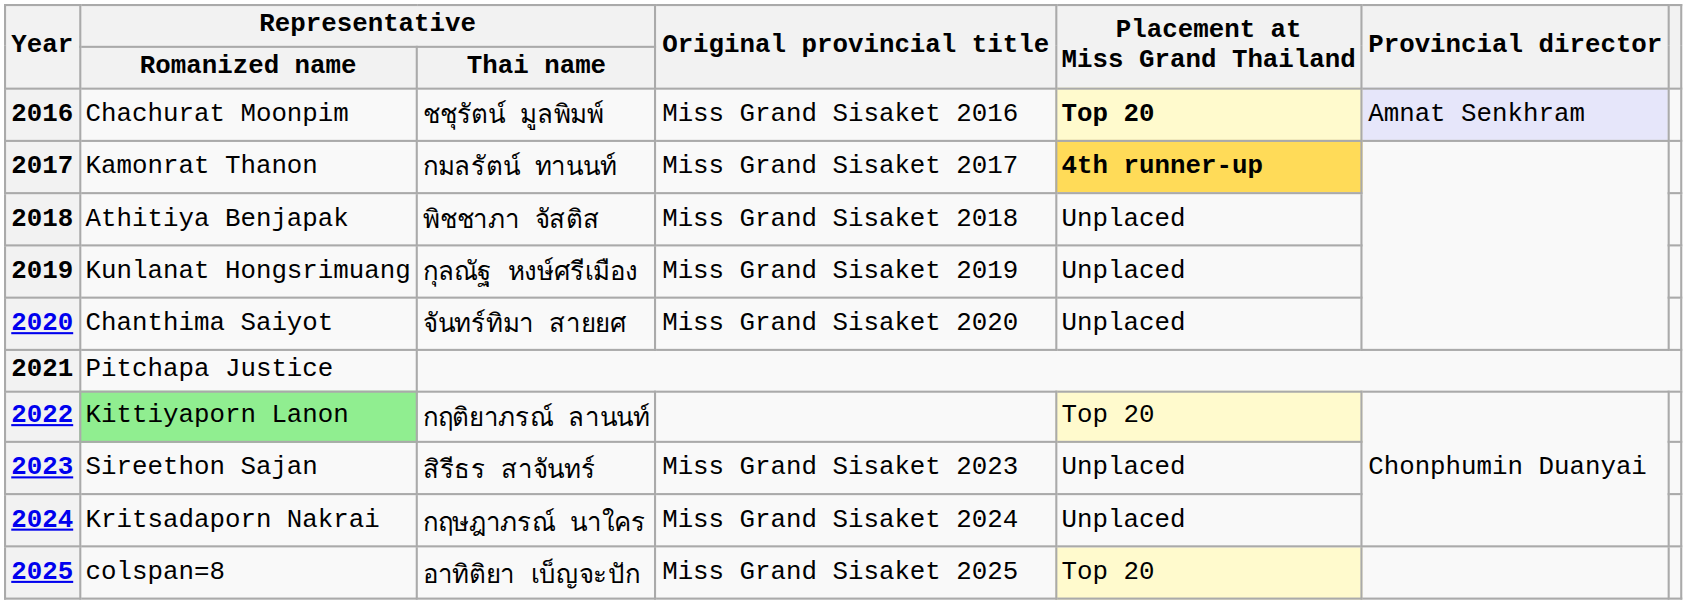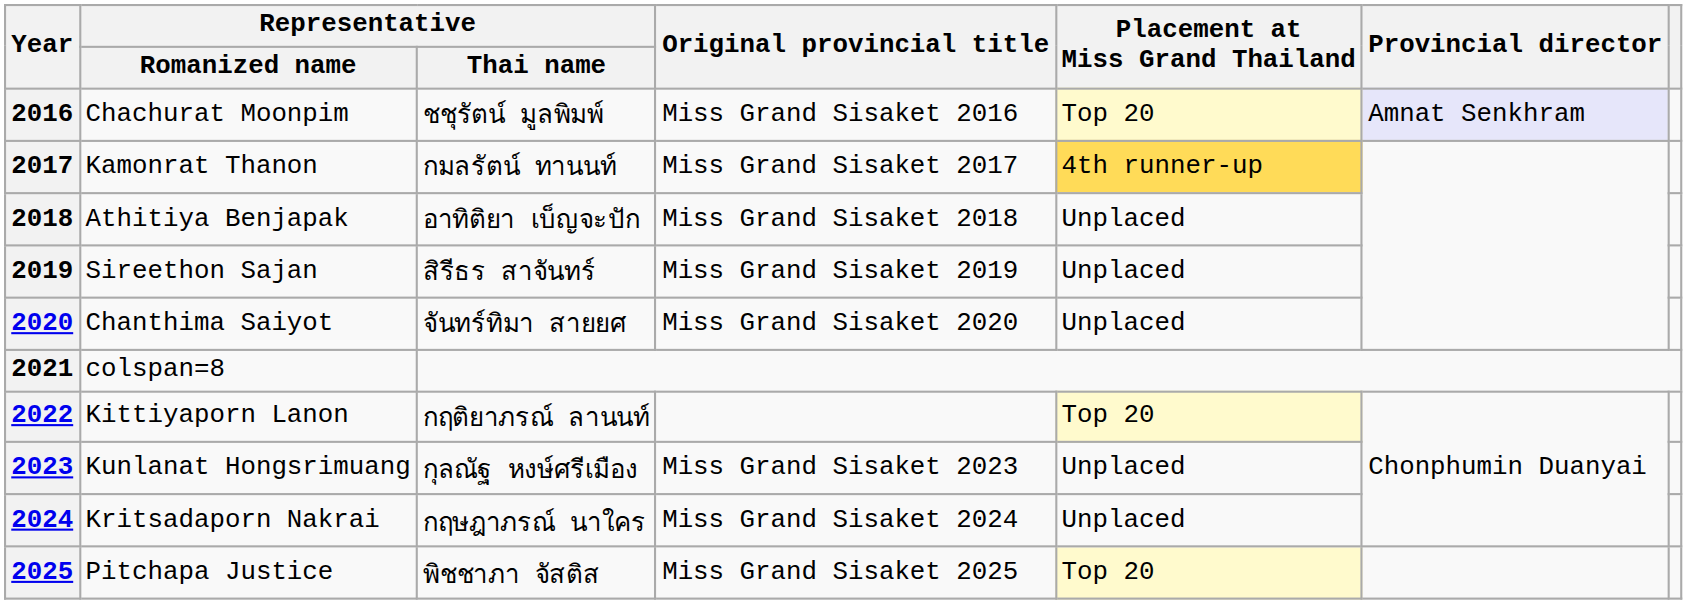 <table class="wikitable defaultcenter col2left col3left col6left" style="font-size:95%;">
 <tr>
 <th rowspan=2>Year</th>
 <th colspan=2>Representative</th>
 <th rowspan=2>Original provincial title</th>
 <th rowspan=2>Placement at<br>Miss Grand Thailand</th>
 <th rowspan=2>Provincial director</th>
 <th rowspan=2></th>
 </tr>
 <tr>
 <th>Romanized name</th>
 <th>Thai name</th>
 </tr>
 <tr>
 <th>2016</th>
 <td>Chachurat Moonpim</td>
 <td>ชชุรัตน์ มูลพิมพ์</td>
 <td>Miss Grand Sisaket 2016</td>
-<td bgcolor=#FFFACD><strong>Top 20</strong></td>
+<td bgcolor=#FFFACD>Top 20</td>
 <td style="background: lavender;">Amnat Senkhram</td>
 <td></td>
 </tr>
 <tr>
 <th>2017</th>
 <td>Kamonrat Thanon</td>
 <td>กมลรัตน์ ทานนท์</td>
 <td>Miss Grand Sisaket 2017</td>
-<td bgcolor=#FFDB58><strong>4th runner-up</strong></td>
+<td bgcolor=#FFDB58>4th runner-up</td>
 <td rowspan=4></td>
 <td></td>
 </tr>
 <tr>
 <th>2018</th>
 <td>Athitiya Benjapak</td>
-<td>พิชชาภา จัสติส</td>
+<td>อาทิติยา เบ็ญจะปัก</td>
 <td>Miss Grand Sisaket 2018</td>
 <td>Unplaced</td>
 <td></td>
 </tr>
 <tr>
 <th>2019</th>
-<td>Kunlanat Hongsrimuang</td>
-<td>กุลณัฐ หงษ์ศรีเมือง</td>
+<td>Sireethon Sajan</td>
+<td>สิรีธร สาจันทร์</td>
 <td>Miss Grand Sisaket 2019</td>
 <td>Unplaced</td>
 <td></td>
 </tr>
 <tr>
 <th><a href='#'>2020</a></th>
 <td>Chanthima Saiyot</td>
 <td>จันทร์ทิมา สายยศ</td>
 <td>Miss Grand Sisaket 2020</td>
 <td>Unplaced</td>
 <td></td>
 </tr>
 <tr>
 <th>2021</th>
-<td>Pitchapa Justice</td>
+<td>colspan=8 </td>
 </tr>
 <tr>
 <th><a href='#'>2022</a></th>
-<td style="background: lightgreen;">Kittiyaporn Lanon</td>
+<td>Kittiyaporn Lanon</td>
 <td>กฤติยาภรณ์ ลานนท์</td>
 <td></td>
 <td bgcolor=#FFFACD>Top 20</td>
 <td rowspan=3>Chonphumin Duanyai</td>
 <td></td>
 </tr>
 <tr>
 <th><a href='#'>2023</a></th>
-<td>Sireethon Sajan</td>
-<td>สิรีธร สาจันทร์</td>
+<td>Kunlanat Hongsrimuang</td>
+<td>กุลณัฐ หงษ์ศรีเมือง</td>
 <td>Miss Grand Sisaket 2023</td>
 <td>Unplaced</td>
 <td></td>
 </tr>
 <tr>
 <th><a href='#'>2024</a></th>
 <td>Kritsadaporn Nakrai</td>
 <td>กฤษฎาภรณ์ นาใคร</td>
 <td>Miss Grand Sisaket 2024</td>
 <td>Unplaced</td>
 <td></td>
 </tr>
 <tr>
 <th><a href='#'>2025</a></th>
-<td>colspan=8 </td>
-<td>อาทิติยา เบ็ญจะปัก</td>
+<td>Pitchapa Justice</td>
+<td>พิชชาภา จัสติส</td>
 <td>Miss Grand Sisaket 2025</td>
 <td bgcolor=#FFFACD>Top 20</td>
 <td></td>
 <td></td>
 </tr>
 </table>
